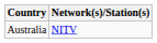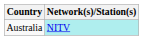 <table class="sortable wikitable">
 <tr>
 <th>Country</th>
 <th>Network(s)/Station(s)</th>
 </tr>
 <tr>
 <td>Australia</td>
-<td><a href='#'>NITV</a></td>
+<td style="background: paleturquoise;"><a href='#'>NITV</a></td>
 </tr>
 </table>
